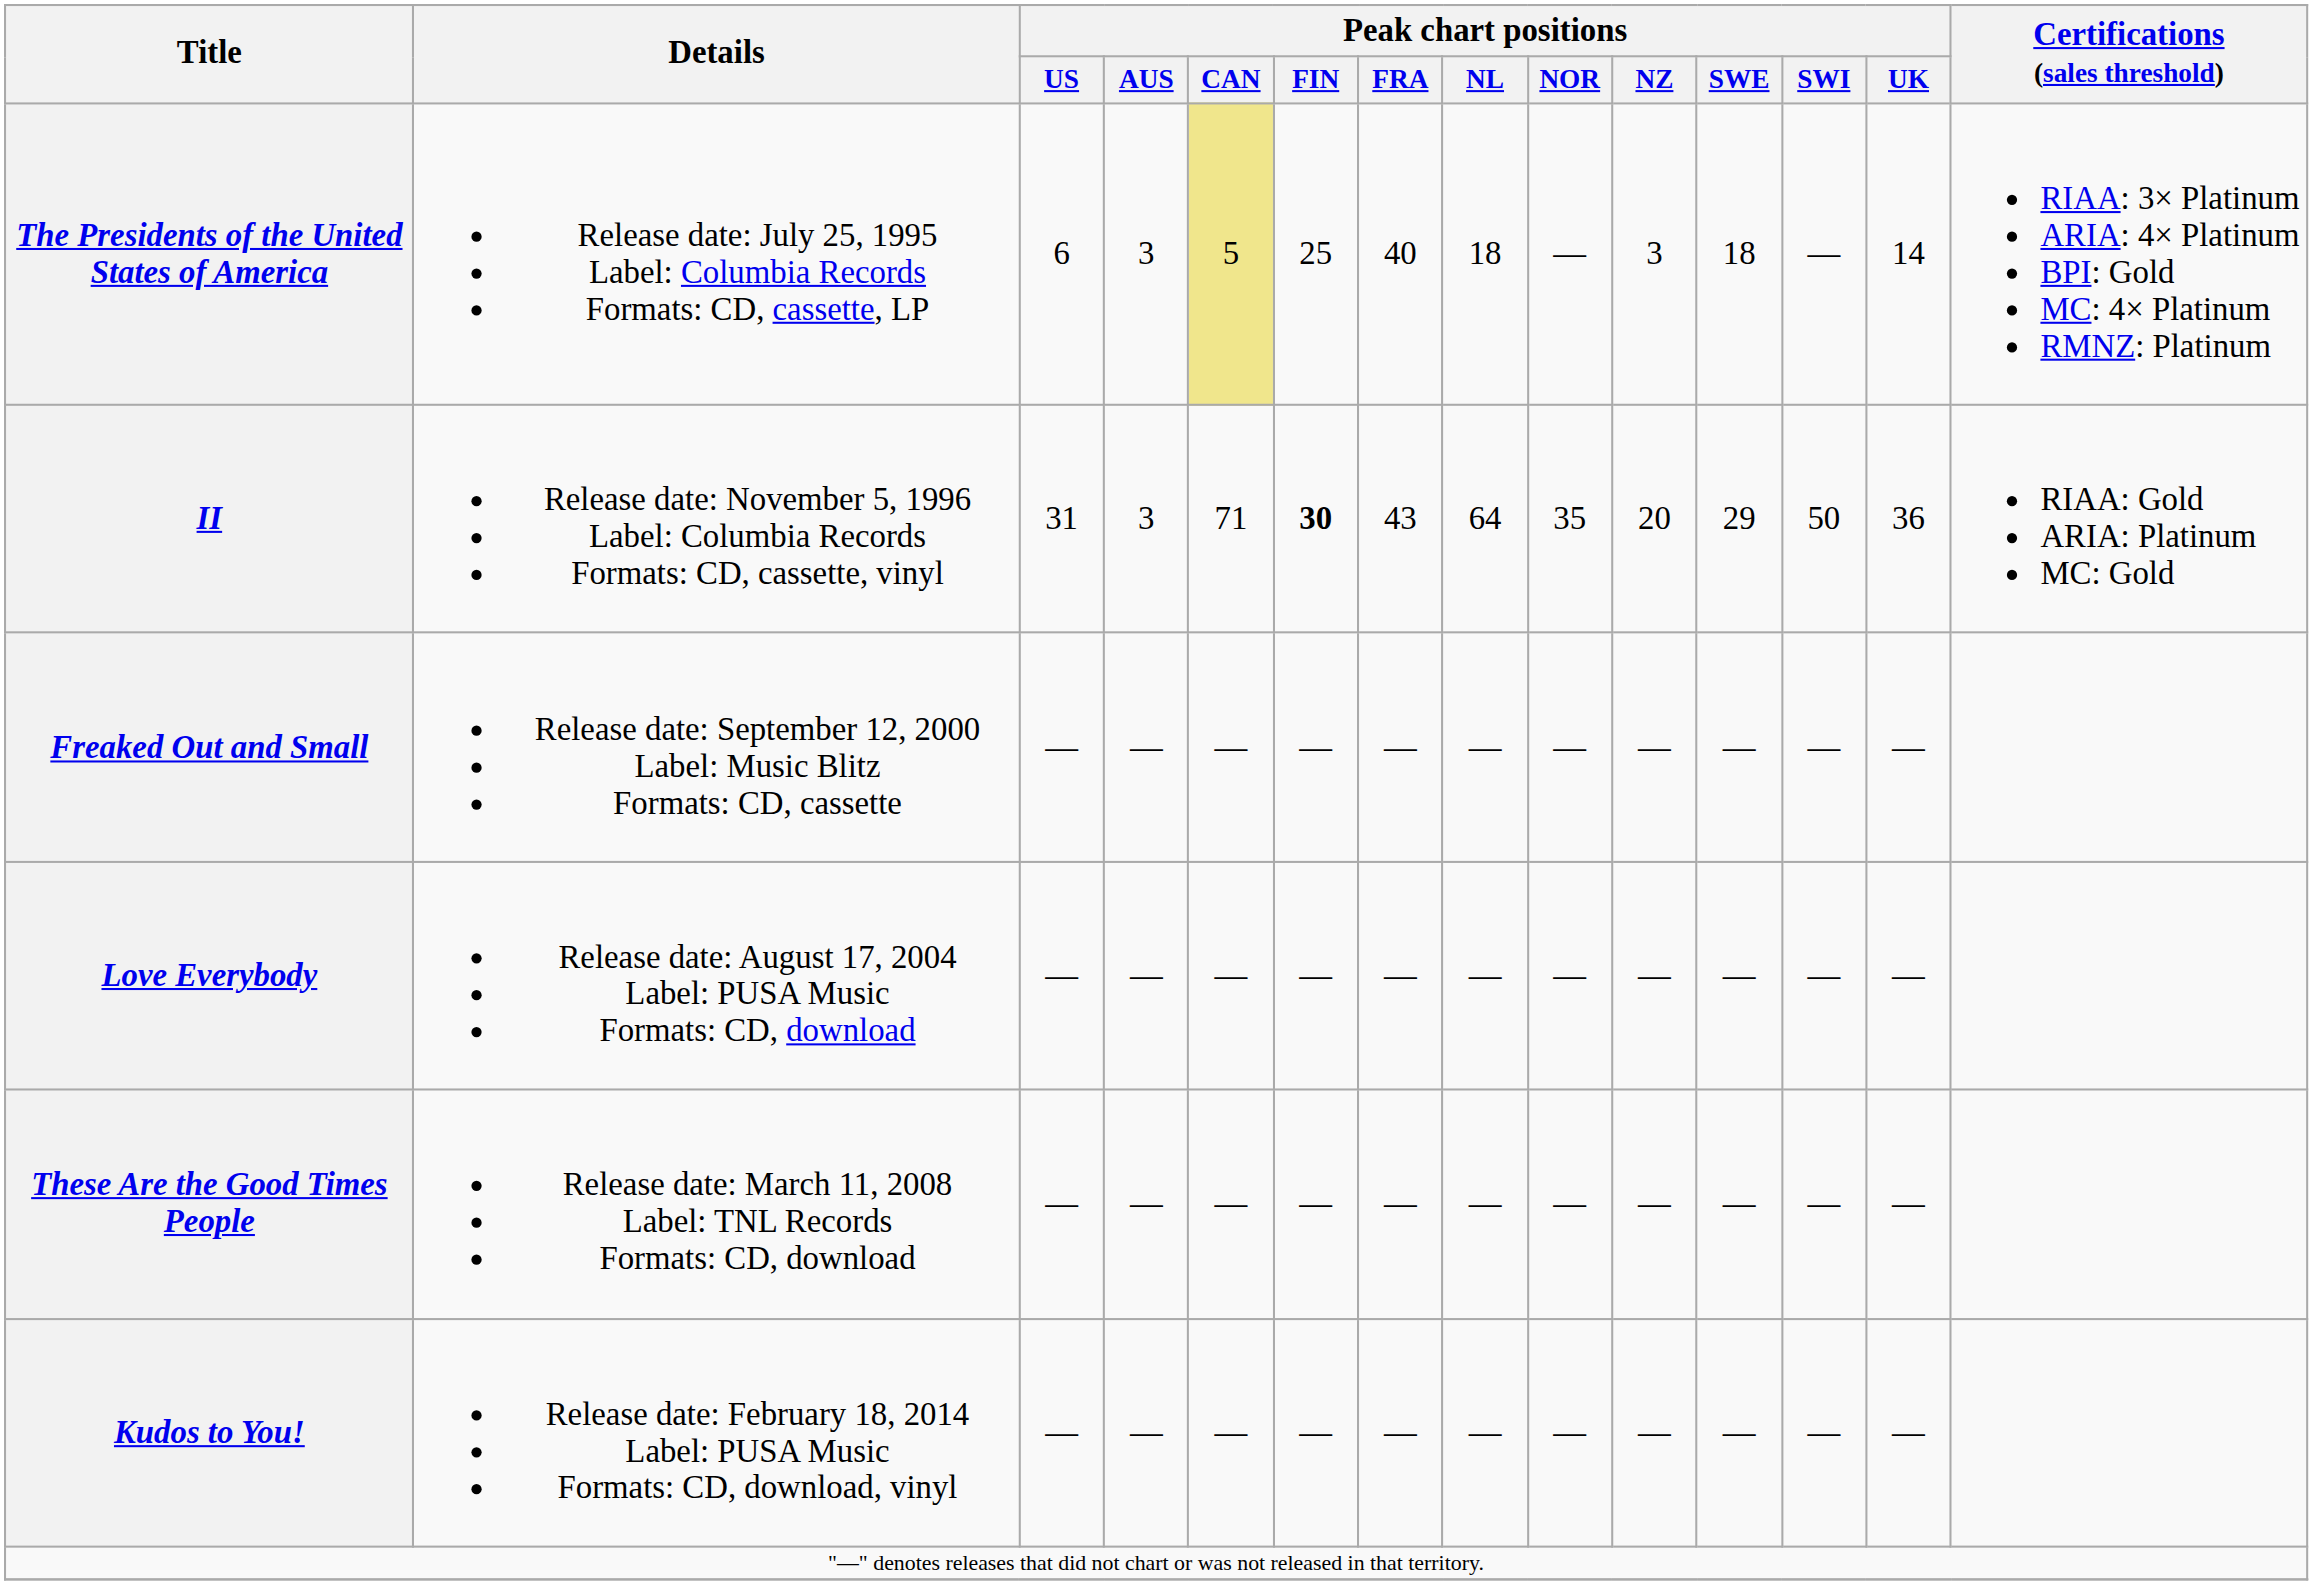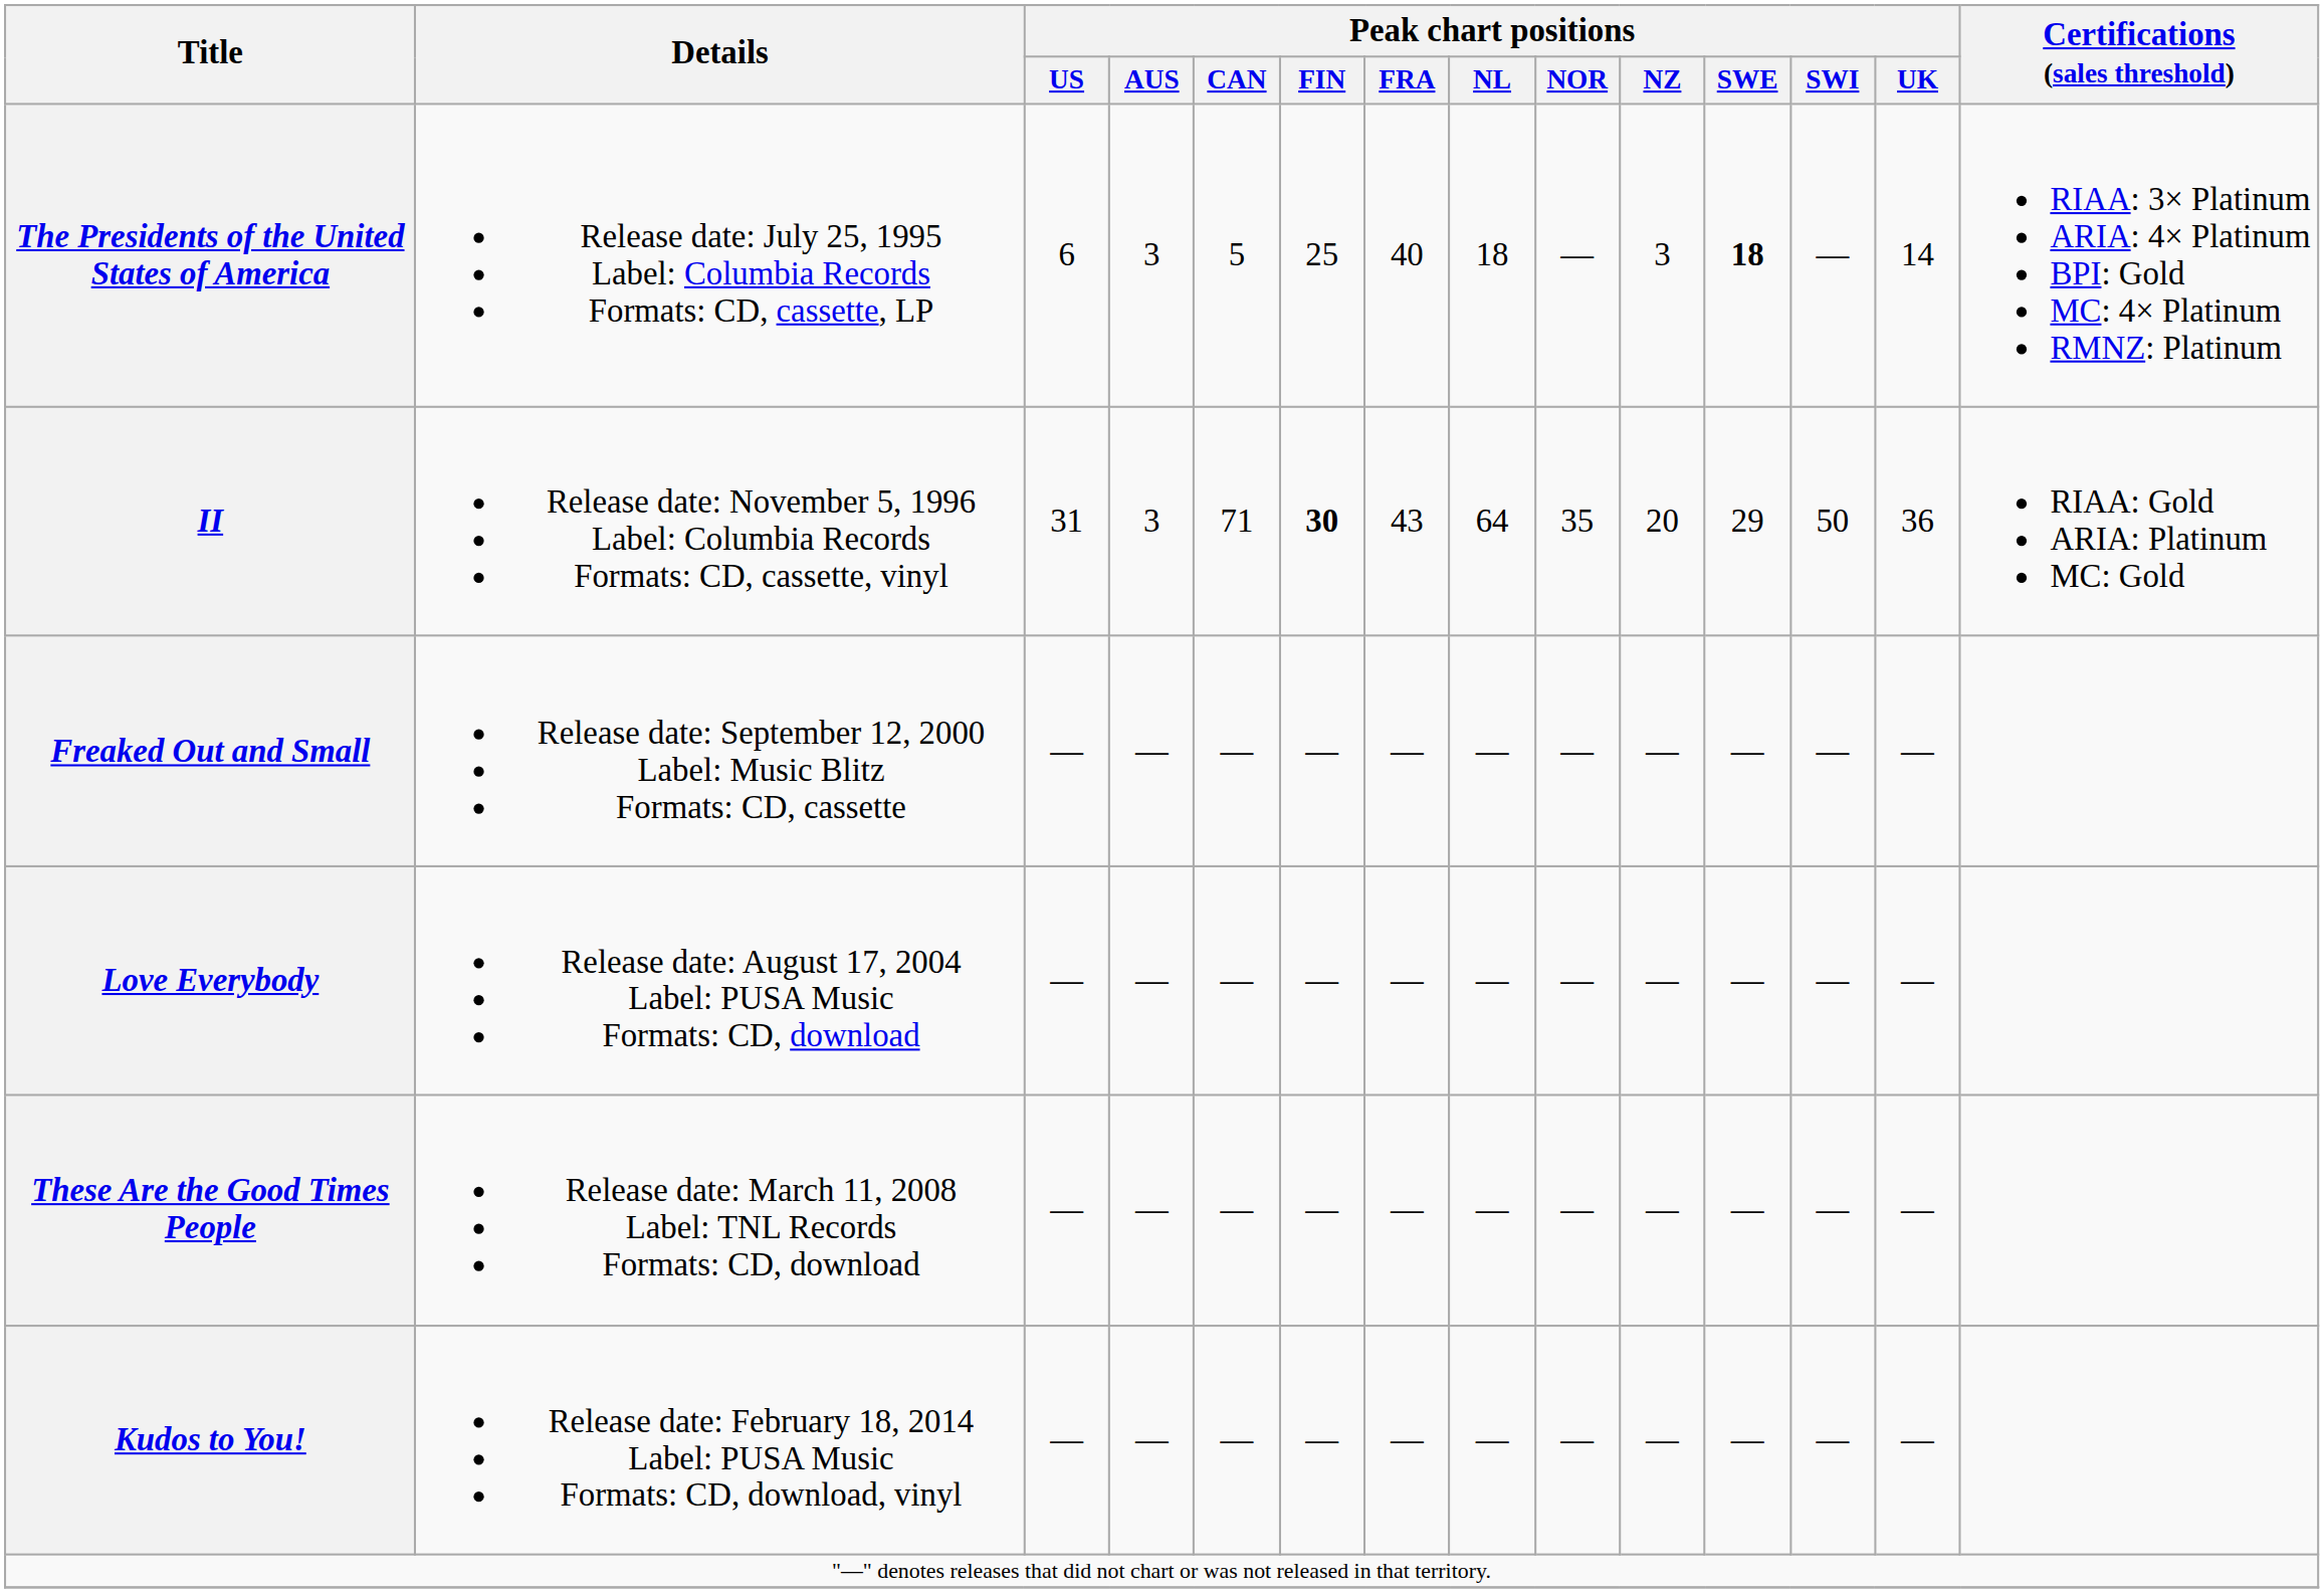 <table class="wikitable plainrowheaders" style="text-align:center;">
 <tr>
 <th rowspan="2" style="width:12em;">Title</th>
 <th rowspan="2" style="width:18em;">Details</th>
 <th colspan="11">Peak chart positions</th>
 <th rowspan="2"><a href='#'>Certifications</a><br><small>(<a href='#'>sales threshold</a>)</small></th>
 </tr>
 <tr style="font-size:smaller;">
 <th width="35"><a href='#'>US</a><br></th>
 <th width="35"><a href='#'>AUS</a><br></th>
 <th width="35"><a href='#'>CAN</a><br></th>
 <th width="35"><a href='#'>FIN</a><br></th>
 <th width="35"><a href='#'>FRA</a><br></th>
 <th width="35"><a href='#'>NL</a><br></th>
 <th width="35"><a href='#'>NOR</a><br></th>
 <th width="35"><a href='#'>NZ</a><br></th>
 <th width="35"><a href='#'>SWE</a><br></th>
 <th width="35"><a href='#'>SWI</a><br></th>
 <th width="35"><a href='#'>UK</a><br></th>
 </tr>
 <tr>
 <th scope="row"><em><a href='#'>The Presidents of the United States of America</a></em></th>
 <td><br><ul><li>Release date: July 25, 1995</li><li>Label: <a href='#'>Columbia Records</a></li><li>Formats: CD, <a href='#'>cassette</a>, LP</li></ul></td>
 <td>6</td>
 <td>3</td>
-<td style="background: khaki;">5</td>
+<td>5</td>
 <td>25</td>
 <td>40</td>
 <td>18</td>
 <td>—</td>
 <td>3</td>
-<td>18</td>
+<td><strong>18</strong></td>
 <td>—</td>
 <td>14</td>
 <td align="left"><br><ul><li><a href='#'>RIAA</a>: 3× Platinum</li><li><a href='#'>ARIA</a>: 4× Platinum</li><li><a href='#'>BPI</a>: Gold</li><li><a href='#'>MC</a>: 4× Platinum</li><li><a href='#'>RMNZ</a>: Platinum</li></ul></td>
 </tr>
 <tr>
 <th scope="row"><em><a href='#'>II</a></em></th>
 <td><br><ul><li>Release date: November 5, 1996</li><li>Label: Columbia Records</li><li>Formats: CD, cassette, vinyl</li></ul></td>
 <td>31</td>
 <td>3</td>
 <td>71</td>
 <td><strong>30</strong></td>
 <td>43</td>
 <td>64</td>
 <td>35</td>
 <td>20</td>
 <td>29</td>
 <td>50</td>
 <td>36</td>
 <td align="left"><br><ul><li>RIAA: Gold</li><li>ARIA: Platinum</li><li>MC: Gold</li></ul></td>
 </tr>
 <tr>
 <th scope="row"><em><a href='#'>Freaked Out and Small</a></em></th>
 <td><br><ul><li>Release date: September 12, 2000</li><li>Label: Music Blitz</li><li>Formats: CD, cassette</li></ul></td>
 <td>—</td>
 <td>—</td>
 <td>—</td>
 <td>—</td>
 <td>—</td>
 <td>—</td>
 <td>—</td>
 <td>—</td>
 <td>—</td>
 <td>—</td>
 <td>—</td>
 <td></td>
 </tr>
 <tr>
 <th scope="row"><em><a href='#'>Love Everybody</a></em></th>
 <td><br><ul><li>Release date: August 17, 2004</li><li>Label: PUSA Music</li><li>Formats: CD, <a href='#'>download</a></li></ul></td>
 <td>—</td>
 <td>—</td>
 <td>—</td>
 <td>—</td>
 <td>—</td>
 <td>—</td>
 <td>—</td>
 <td>—</td>
 <td>—</td>
 <td>—</td>
 <td>—</td>
 <td></td>
 </tr>
 <tr>
 <th scope="row"><em><a href='#'>These Are the Good Times People</a></em></th>
 <td><br><ul><li>Release date: March 11, 2008</li><li>Label: TNL Records</li><li>Formats: CD, download</li></ul></td>
 <td>—</td>
 <td>—</td>
 <td>—</td>
 <td>—</td>
 <td>—</td>
 <td>—</td>
 <td>—</td>
 <td>—</td>
 <td>—</td>
 <td>—</td>
 <td>—</td>
 <td></td>
 </tr>
 <tr>
 <th scope="row"><em><a href='#'>Kudos to You!</a></em></th>
 <td><br><ul><li>Release date: February 18, 2014</li><li>Label: PUSA Music</li><li>Formats: CD, download, vinyl</li></ul></td>
 <td>—</td>
 <td>—</td>
 <td>—</td>
 <td>—</td>
 <td>—</td>
 <td>—</td>
 <td>—</td>
 <td>—</td>
 <td>—</td>
 <td>—</td>
 <td>—</td>
 <td></td>
 </tr>
 <tr>
 <td colspan="15" style="font-size:8pt">"—" denotes releases that did not chart or was not released in that territory.</td>
 </tr>
 <tr>
 </tr>
 </table>
